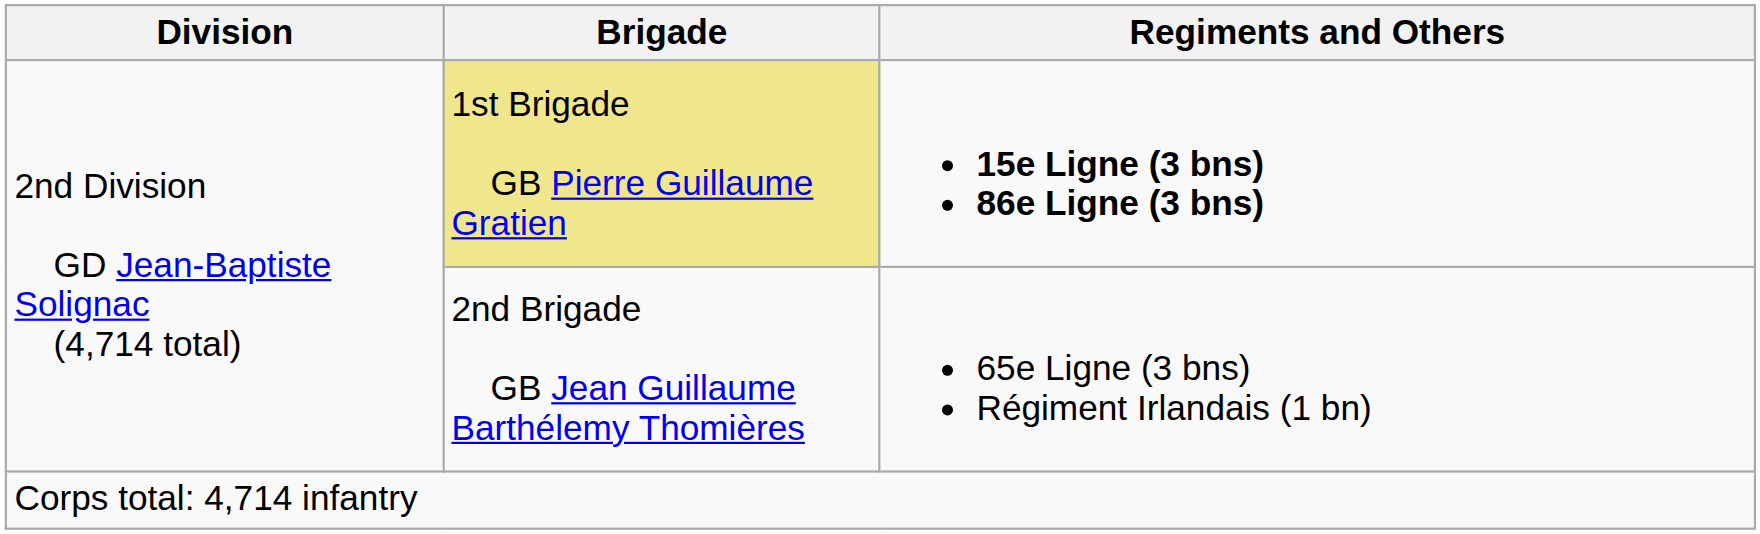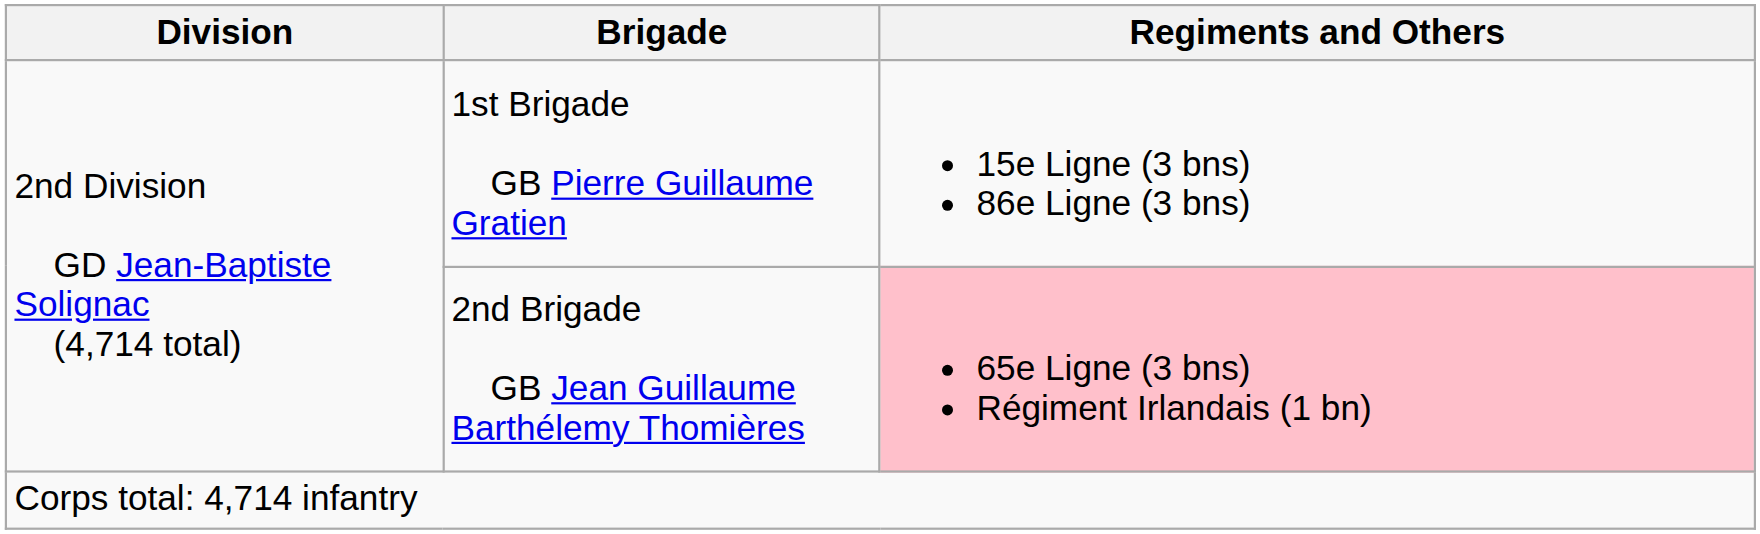 <table class="wikitable" width="90%" style="margin: 1em auto 1em auto">
 <tr>
 <th style="width:25%;">Division</th>
 <th style="width:25%;">Brigade</th>
 <th>Regiments and Others</th>
 </tr>
 <tr>
 <td rowspan=2>2nd Division<br><br>    GD <a href='#'>Jean-Baptiste Solignac</a> <br>    (4,714 total)</td>
-<td style="background: khaki;">1st Brigade<br><br>    GB <a href='#'>Pierre Guillaume Gratien</a></td>
-<td><strong><br><ul><li>15e Ligne (3 bns)</li><li>86e Ligne (3 bns)</li></ul></strong></td>
+<td>1st Brigade<br><br>    GB <a href='#'>Pierre Guillaume Gratien</a></td>
+<td><br><ul><li>15e Ligne (3 bns)</li><li>86e Ligne (3 bns)</li></ul></td>
 </tr>
 <tr>
 <td>2nd Brigade<br><br>    GB <a href='#'>Jean Guillaume Barthélemy Thomières</a></td>
-<td><br><ul><li>65e Ligne (3 bns)</li><li>Régiment Irlandais (1 bn)</li></ul></td>
+<td style="background: pink;"><br><ul><li>65e Ligne (3 bns)</li><li>Régiment Irlandais (1 bn)</li></ul></td>
 </tr>
 <tr>
 <td colspan=3>Corps total: 4,714 infantry</td>
 </tr>
 </table>
